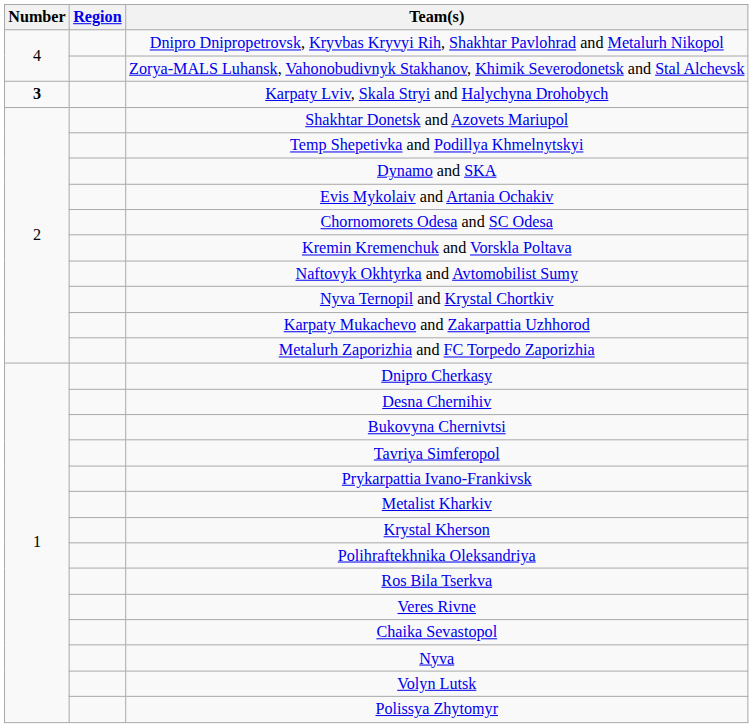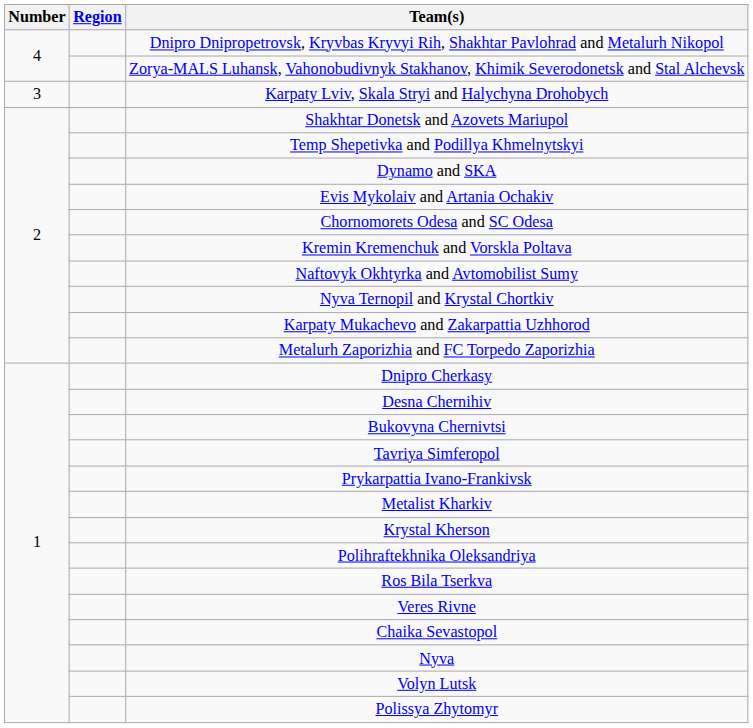 <table class="wikitable" style="text-align:center">
 <tr>
 <th>Number</th>
 <th><a href='#'>Region</a></th>
 <th>Team(s)</th>
 </tr>
 <tr>
 <td rowspan="2">4</td>
 <td align="left"></td>
 <td><a href='#'>Dnipro Dnipropetrovsk</a>, <a href='#'>Kryvbas Kryvyi Rih</a>, <a href='#'>Shakhtar Pavlohrad</a> and <a href='#'>Metalurh Nikopol</a></td>
 </tr>
 <tr>
 <td align="left"></td>
 <td><a href='#'>Zorya-MALS Luhansk</a>, <a href='#'>Vahonobudivnyk Stakhanov</a>, <a href='#'>Khimik Severodonetsk</a> and <a href='#'>Stal Alchevsk</a></td>
 </tr>
 <tr>
-<td rowspan="1"><strong>3</strong></td>
+<td rowspan="1">3</td>
 <td align="left"></td>
 <td><a href='#'>Karpaty Lviv</a>, <a href='#'>Skala Stryi</a> and <a href='#'>Halychyna Drohobych</a></td>
 </tr>
 <tr>
 <td rowspan="10">2</td>
 <td align="left"></td>
 <td><a href='#'>Shakhtar Donetsk</a> and <a href='#'>Azovets Mariupol</a></td>
 </tr>
 <tr>
 <td align="left"></td>
 <td><a href='#'>Temp Shepetivka</a> and <a href='#'>Podillya Khmelnytskyi</a></td>
 </tr>
 <tr>
 <td align="left"></td>
 <td><a href='#'>Dynamo</a> and <a href='#'>SKA</a></td>
 </tr>
 <tr>
 <td align="left"></td>
 <td><a href='#'>Evis Mykolaiv</a> and <a href='#'>Artania Ochakiv</a></td>
 </tr>
 <tr>
 <td align="left"></td>
 <td><a href='#'>Chornomorets Odesa</a> and <a href='#'>SC Odesa</a></td>
 </tr>
 <tr>
 <td align="left"></td>
 <td><a href='#'>Kremin Kremenchuk</a> and <a href='#'>Vorskla Poltava</a></td>
 </tr>
 <tr>
 <td align="left"></td>
 <td><a href='#'>Naftovyk Okhtyrka</a> and <a href='#'>Avtomobilist Sumy</a></td>
 </tr>
 <tr>
 <td align="left"></td>
 <td><a href='#'>Nyva Ternopil</a> and <a href='#'>Krystal Chortkiv</a></td>
 </tr>
 <tr>
 <td align="left"></td>
 <td><a href='#'>Karpaty Mukachevo</a> and <a href='#'>Zakarpattia Uzhhorod</a></td>
 </tr>
 <tr>
 <td align="left"></td>
 <td><a href='#'>Metalurh Zaporizhia</a> and <a href='#'>FC Torpedo Zaporizhia</a></td>
 </tr>
 <tr>
 <td rowspan="14">1</td>
 <td align="left"></td>
 <td><a href='#'>Dnipro Cherkasy</a></td>
 </tr>
 <tr>
 <td align="left"></td>
 <td><a href='#'>Desna Chernihiv</a></td>
 </tr>
 <tr>
 <td align="left"></td>
 <td><a href='#'>Bukovyna Chernivtsi</a></td>
 </tr>
 <tr>
 <td align="left"></td>
 <td><a href='#'>Tavriya Simferopol</a></td>
 </tr>
 <tr>
 <td align="left"></td>
 <td><a href='#'>Prykarpattia Ivano-Frankivsk</a></td>
 </tr>
 <tr>
 <td align="left"></td>
 <td><a href='#'>Metalist Kharkiv</a></td>
 </tr>
 <tr>
 <td align="left"></td>
 <td><a href='#'>Krystal Kherson</a></td>
 </tr>
 <tr>
 <td align="left"></td>
 <td><a href='#'>Polihraftekhnika Oleksandriya</a></td>
 </tr>
 <tr>
 <td align="left"></td>
 <td><a href='#'>Ros Bila Tserkva</a></td>
 </tr>
 <tr>
 <td align="left"></td>
 <td><a href='#'>Veres Rivne</a></td>
 </tr>
 <tr>
 <td align="left"></td>
 <td><a href='#'>Chaika Sevastopol</a></td>
 </tr>
 <tr>
 <td align="left"></td>
 <td><a href='#'>Nyva</a></td>
 </tr>
 <tr>
 <td align="left"></td>
 <td><a href='#'>Volyn Lutsk</a></td>
 </tr>
 <tr>
 <td align="left"></td>
 <td><a href='#'>Polissya Zhytomyr</a></td>
 </tr>
 </table>
